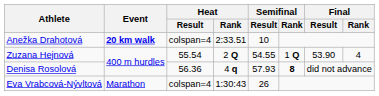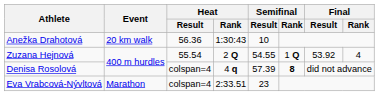 <table class="wikitable" style="font-size:90%">
 <tr>
 <th rowspan="2">Athlete</th>
 <th rowspan="2">Event</th>
 <th colspan="2">Heat</th>
 <th colspan="2">Semifinal</th>
 <th colspan="2">Final</th>
 </tr>
 <tr style="font-size:95%">
 <th>Result</th>
 <th>Rank</th>
 <th>Result</th>
 <th>Rank</th>
 <th>Result</th>
 <th>Rank</th>
 </tr>
 <tr align=center>
 <td align=left><a href='#'>Anežka Drahotová</a></td>
-<td align=left><strong><a href='#'>20 km walk</a></strong></td>
-<td>colspan=4 </td>
-<td>2:33.51</td>
+<td align=left><a href='#'>20 km walk</a></td>
+<td>56.36</td>
+<td>1:30:43</td>
 <td>10</td>
 </tr>
 <tr align=center>
 <td align=left><a href='#'>Zuzana Hejnová</a></td>
 <td align=left rowspan=2><a href='#'>400 m hurdles</a></td>
 <td>55.54</td>
 <td>2 <strong>Q</strong></td>
 <td>54.55</td>
 <td>1 <strong>Q</strong></td>
-<td>53.90</td>
+<td>53.92</td>
 <td>4</td>
 </tr>
 <tr align=center>
 <td align=left><a href='#'>Denisa Rosolová</a></td>
-<td>56.36</td>
+<td>colspan=4 </td>
 <td>4 <strong>q</strong></td>
-<td>57.93</td>
+<td>57.39</td>
 <td><strong>8</strong></td>
 <td colspan=2>did not advance</td>
 </tr>
 <tr align=center>
 <td align=left><a href='#'>Eva Vrabcová-Nývltová</a></td>
 <td align=left><a href='#'>Marathon</a></td>
 <td>colspan=4 </td>
-<td>1:30:43</td>
-<td>26</td>
+<td>2:33.51</td>
+<td>23</td>
 </tr>
 </table>
